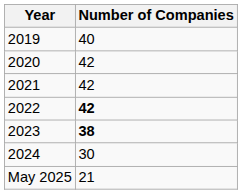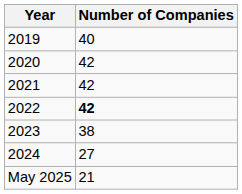 <table class="wikitable">
 <tr>
 <th>Year</th>
 <th>Number of Companies</th>
 </tr>
 <tr>
 <td>2019</td>
 <td>40</td>
 </tr>
 <tr>
 <td>2020</td>
 <td>42</td>
 </tr>
 <tr>
 <td>2021</td>
 <td>42</td>
 </tr>
 <tr>
 <td>2022</td>
 <td><strong>42</strong></td>
 </tr>
 <tr>
 <td>2023</td>
-<td><strong>38</strong></td>
+<td>38</td>
 </tr>
 <tr>
 <td>2024</td>
-<td>30</td>
+<td>27</td>
 </tr>
 <tr>
 <td>May 2025</td>
 <td>21</td>
 </tr>
 </table>
